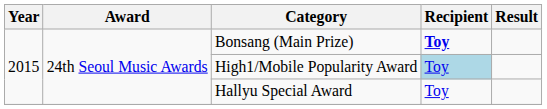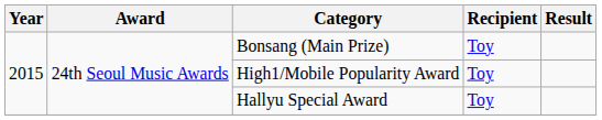 <table class="wikitable">
 <tr>
 <th>Year</th>
 <th>Award</th>
 <th>Category</th>
 <th>Recipient</th>
 <th>Result</th>
 </tr>
 <tr>
 <td rowspan="3" style="text-align:center;">2015</td>
 <td rowspan="3" style="text-align:center;">24th <a href='#'>Seoul Music Awards</a></td>
 <td>Bonsang (Main Prize)</td>
-<td><strong><a href='#'>Toy</a></strong></td>
+<td><a href='#'>Toy</a></td>
 <td></td>
 </tr>
 <tr>
 <td>High1/Mobile Popularity Award</td>
-<td style="background: lightblue;"><a href='#'>Toy</a></td>
+<td><a href='#'>Toy</a></td>
 <td></td>
 </tr>
 <tr>
 <td>Hallyu Special Award</td>
 <td><a href='#'>Toy</a></td>
 <td></td>
 </tr>
 <tr>
 </tr>
 </table>
